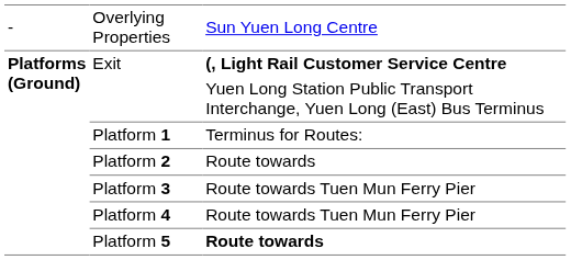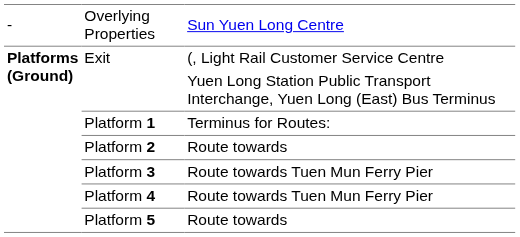 <table cellspacing=0 cellpadding=3>
 <tr>
 <td style="border-top:solid 1px gray;border-bottom:solid 1px gray;" width=50>-</td>
 <td style="border-top:solid 1px gray;border-bottom:solid 1px gray;" width=100>Overlying Properties</td>
 <td style="border-top:solid 1px gray;border-bottom:solid 1px gray;" width=335><a href='#'>Sun Yuen Long Centre</a></td>
 </tr>
 <tr>
 <td style="border-bottom:solid 1px gray;" rowspan=8 valign=top><strong>Platforms<br>(Ground)</strong></td>
 <td style="border-bottom:solid 1px gray;" rowspan=2 valign=top>Exit</td>
-<td><strong> (, Light Rail Customer Service Centre</strong></td>
+<td> (, Light Rail Customer Service Centre</td>
 </tr>
 <tr>
 <td style="border-bottom:solid 1px gray;">Yuen Long Station Public Transport Interchange, Yuen Long (East) Bus Terminus</td>
 </tr>
 <tr>
 <td style="border-bottom:solid 1px gray;">Platform <span><strong>1</strong></span></td>
 <td style="border-bottom:solid 1px gray;">Terminus for Routes:    </td>
 </tr>
 <tr>
 <td style="border-bottom:solid 1px gray;">Platform <span><strong>2</strong></span></td>
 <td style="border-bottom:solid 1px gray;">Route  towards </td>
 </tr>
 <tr>
 <td style="border-bottom:solid 1px gray;">Platform <span><strong>3</strong></span></td>
 <td style="border-bottom:solid 1px gray;">Route  towards Tuen Mun Ferry Pier</td>
 </tr>
 <tr>
 <td style="border-bottom:solid 1px gray;">Platform <span><strong>4</strong></span></td>
 <td style="border-bottom:solid 1px gray;">Route  towards Tuen Mun Ferry Pier</td>
 </tr>
 <tr>
 <td style="border-bottom:solid 1px gray;">Platform <span><strong>5</strong></span></td>
-<td style="border-bottom:solid 1px gray;"><strong>Route  towards </strong></td>
+<td style="border-bottom:solid 1px gray;">Route  towards </td>
 </tr>
 </table>
